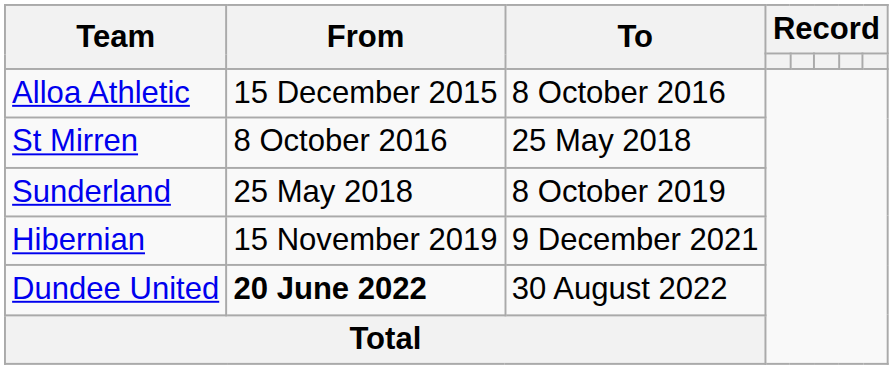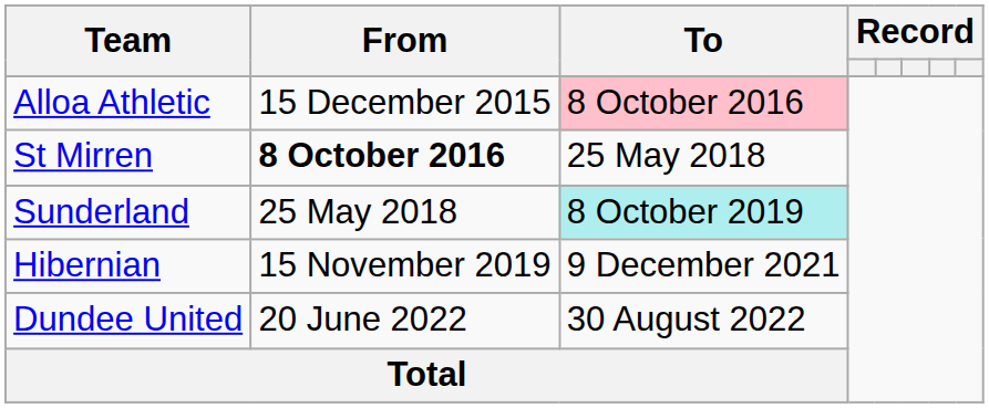 <table class="wikitable" style="text-align: center">
 <tr>
 <th rowspan="2">Team</th>
 <th rowspan="2">From</th>
 <th rowspan="2">To</th>
 <th colspan="5">Record</th>
 </tr>
 <tr>
 <th></th>
 <th></th>
 <th></th>
 <th></th>
 <th></th>
 </tr>
 <tr>
 <td align=left><a href='#'>Alloa Athletic</a></td>
 <td align=left>15 December 2015</td>
-<td align=left>8 October 2016<br></td>
+<td align=left style="background: pink;">8 October 2016<br></td>
 </tr>
 <tr>
 <td align=left><a href='#'>St Mirren</a></td>
-<td align=left>8 October 2016</td>
+<td align=left><strong>8 October 2016</strong></td>
 <td align=left>25 May 2018<br></td>
 </tr>
 <tr>
 <td align=left><a href='#'>Sunderland</a></td>
 <td align=left>25 May 2018</td>
-<td align=left>8 October 2019<br></td>
+<td align=left style="background: paleturquoise;">8 October 2019<br></td>
 </tr>
 <tr>
 <td align=left><a href='#'>Hibernian</a></td>
 <td align=left>15 November 2019</td>
 <td align=left>9 December 2021<br></td>
 </tr>
 <tr>
 <td align=left><a href='#'>Dundee United</a></td>
-<td align=left><strong>20 June 2022</strong></td>
+<td align=left>20 June 2022</td>
 <td align=left>30 August 2022<br></td>
 </tr>
 <tr>
 <th colspan=3>Total<br></th>
 </tr>
 </table>
